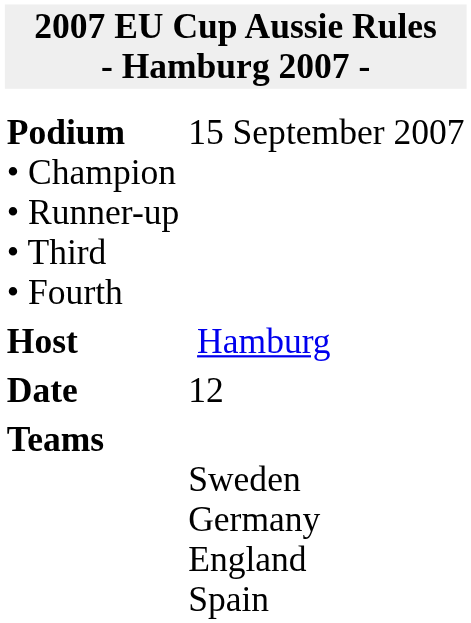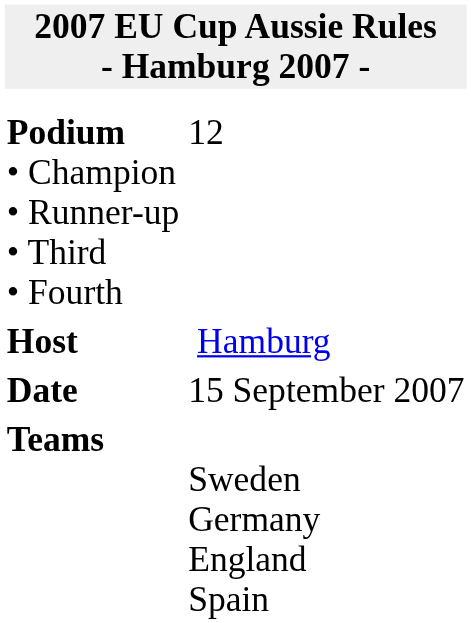 <table class="toccolours" style="float: right; margin: 0 0 1em 1em;">
 <tr>
 <td colspan="2" style="background: #efefef; text-align: center;"><strong>2007 EU Cup Aussie Rules<br>- Hamburg 2007 -</strong></td>
 </tr>
 <tr>
 <td colspan="2" style="text-align: center;"></td>
 </tr>
 <tr style="vertical-align:top;">
 <td colspan=2 align=center></td>
 </tr>
 <tr style="vertical-align:top;">
 <td><strong>Podium</strong><br>• Champion<br>• Runner-up<br>• Third<br>• Fourth</td>
-<td>15 September 2007</td>
+<td>12</td>
 </tr>
 <tr style="vertical-align:top;">
 <td><strong>Host</strong></td>
 <td> <a href='#'>Hamburg</a></td>
 </tr>
 <tr style="vertical-align:top;">
 <td><strong>Date</strong></td>
-<td>12</td>
+<td>15 September 2007</td>
 </tr>
 <tr style="vertical-align:top;">
 <td><strong>Teams</strong></td>
 <td><br> Sweden<br> Germany<br> England<br> Spain</td>
 </tr>
 </table>
